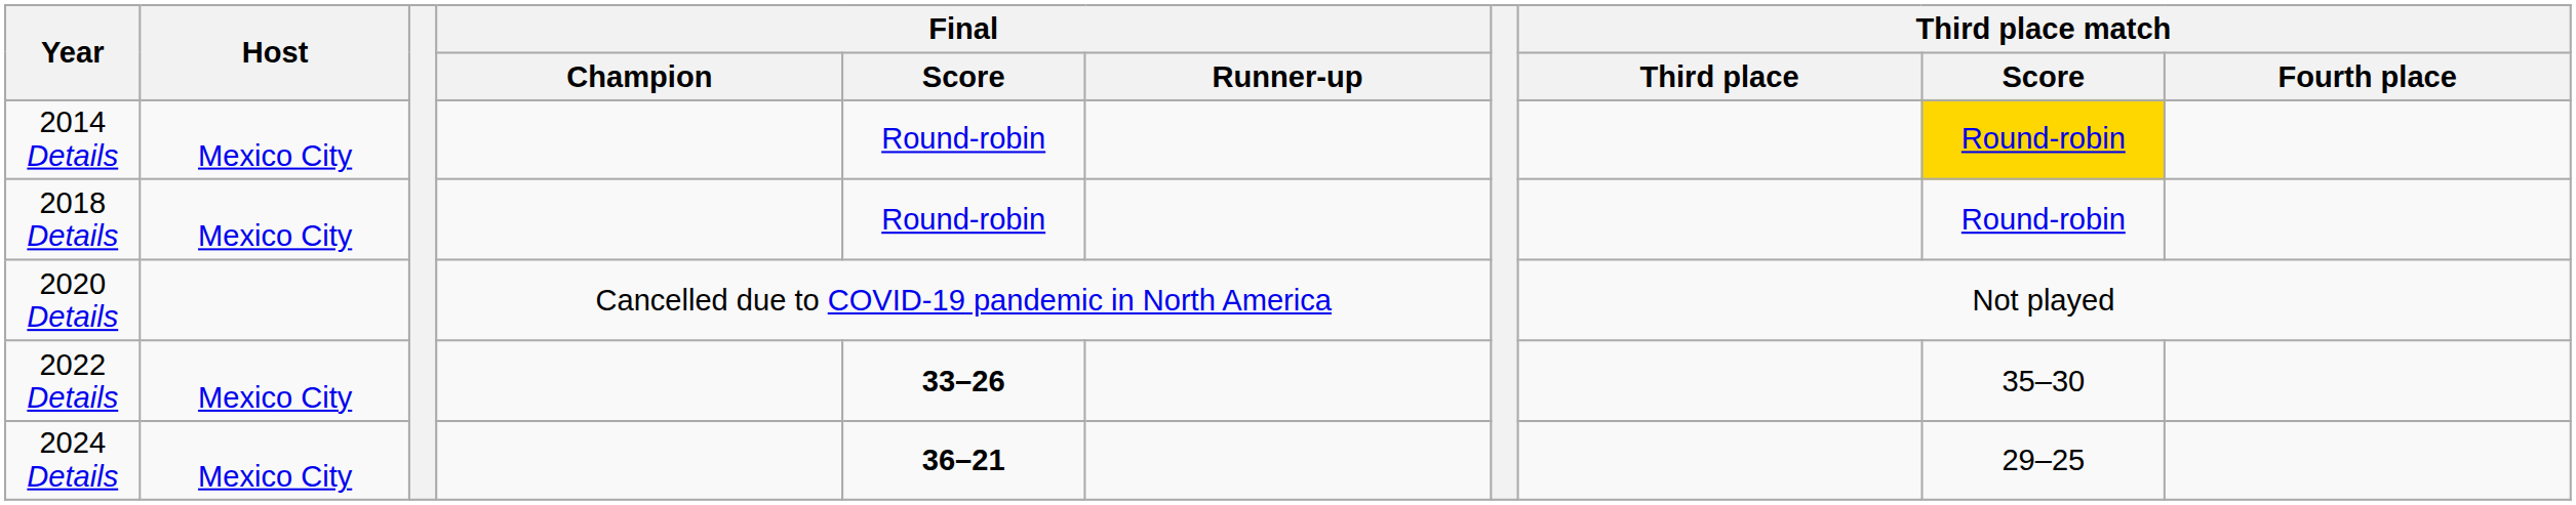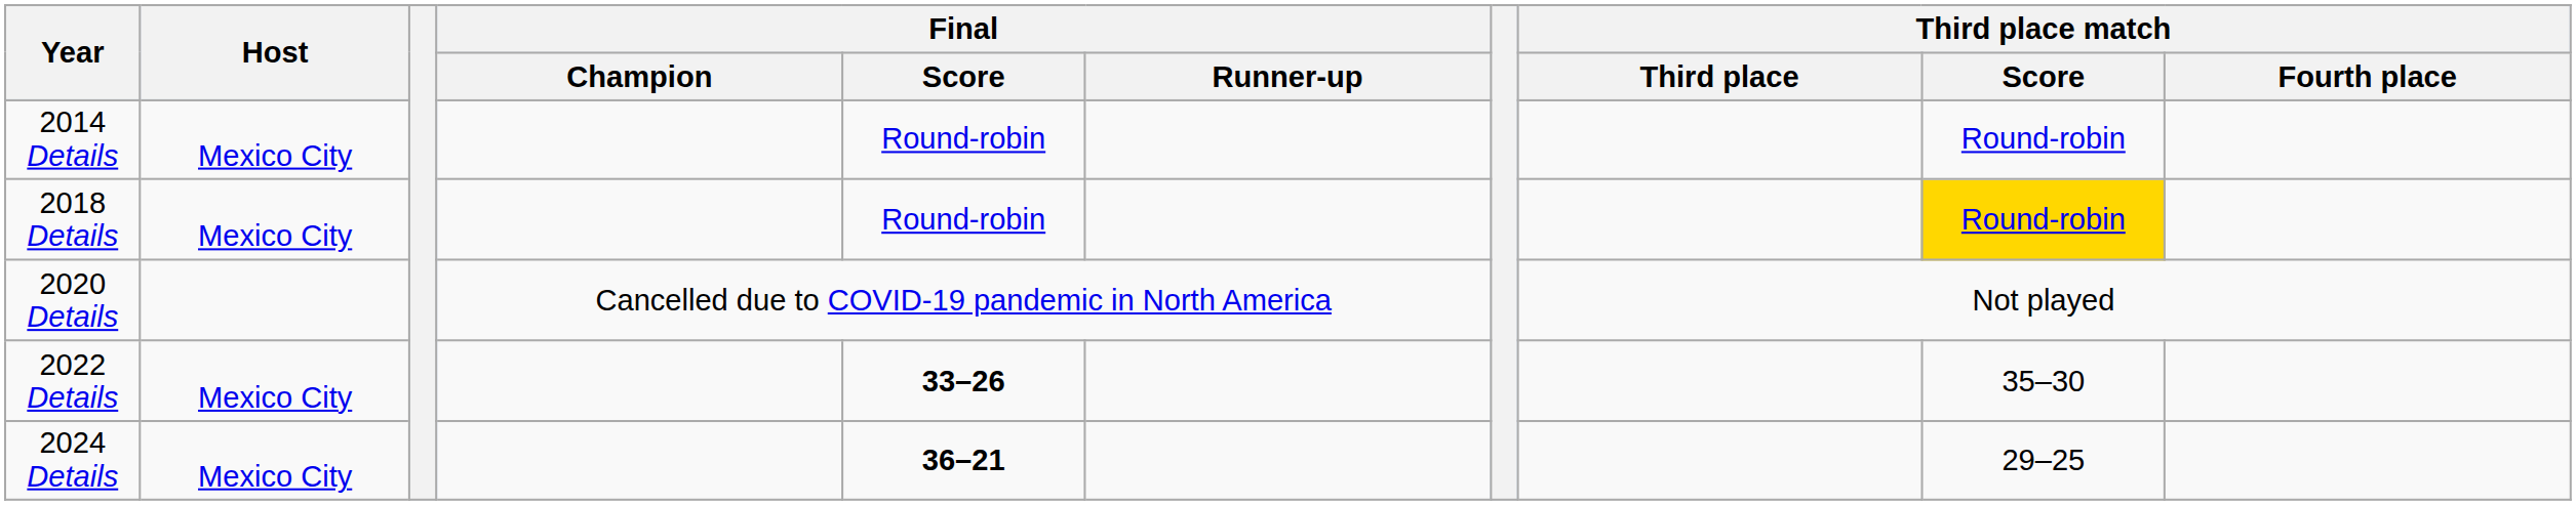 <table class="wikitable" style="font-size:90%; width: 98%; text-align: center;">
 <tr bgcolor=#C1D8FF>
 <th rowspan=2 width=5%>Year</th>
 <th rowspan=2 width=10%>Host</th>
 <th rowspan="7" width="1%" bgcolor="ffffff"></th>
 <th colspan=3>Final</th>
 <th rowspan="7" width="1%" bgcolor="ffffff"></th>
 <th colspan=3>Third place match</th>
 </tr>
 <tr>
 <th width=15%>Champion</th>
 <th width=9%>Score</th>
 <th width=15%>Runner-up</th>
 <th width=15%>Third place</th>
 <th width=9%>Score</th>
 <th width=15%>Fourth place</th>
 </tr>
 <tr>
 <td>2014<br><em><a href='#'>Details</a></em></td>
 <td><br><a href='#'>Mexico City</a></td>
 <td><strong></strong></td>
 <td><a href='#'>Round-robin</a></td>
 <td></td>
 <td></td>
-<td style="background: gold;"><a href='#'>Round-robin</a></td>
+<td><a href='#'>Round-robin</a></td>
 <td></td>
 </tr>
 <tr>
 <td>2018<br><em><a href='#'>Details</a></em></td>
 <td><br><a href='#'>Mexico City</a></td>
 <td><strong></strong></td>
 <td><a href='#'>Round-robin</a></td>
 <td></td>
 <td></td>
-<td><a href='#'>Round-robin</a></td>
+<td style="background: gold;"><a href='#'>Round-robin</a></td>
 <td></td>
 </tr>
 <tr>
 <td>2020<br><em><a href='#'>Details</a></em></td>
 <td></td>
 <td colspan=3>Cancelled due to <a href='#'>COVID-19 pandemic in North America</a></td>
 <td colspan=3>Not played</td>
 </tr>
 <tr>
 <td>2022<br><em><a href='#'>Details</a></em></td>
 <td><br><a href='#'>Mexico City</a></td>
 <td><strong></strong></td>
 <td><strong>33–26</strong></td>
 <td></td>
 <td></td>
 <td>35–30</td>
 <td></td>
 </tr>
 <tr>
 <td>2024<br><em><a href='#'>Details</a></em></td>
 <td><br><a href='#'>Mexico City</a></td>
 <td><strong></strong></td>
 <td><strong>36–21</strong></td>
 <td></td>
 <td></td>
 <td>29–25</td>
 <td></td>
 </tr>
 </table>
